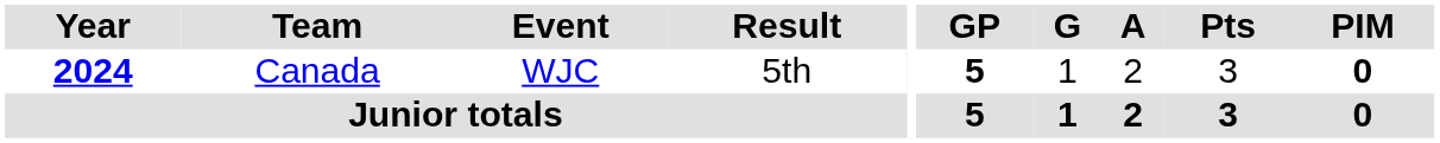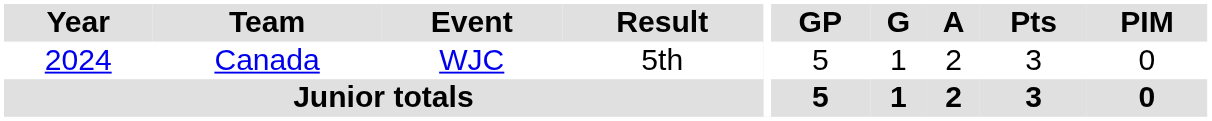 <table border="0" cellpadding="1" cellspacing="0" ID="Table3" style="text-align:center; width:40em">
 <tr bgcolor="#e0e0e0">
 <th>Year</th>
 <th>Team</th>
 <th>Event</th>
 <th>Result</th>
 <th rowspan="99" bgcolor="#ffffff"></th>
 <th>GP</th>
 <th>G</th>
 <th>A</th>
 <th>Pts</th>
 <th>PIM</th>
 </tr>
 <tr ALIGN="center">
-<td><strong><a href='#'>2024</a></strong></td>
+<td><a href='#'>2024</a></td>
 <td><a href='#'>Canada</a></td>
 <td><a href='#'>WJC</a></td>
 <td>5th</td>
-<td><strong>5</strong></td>
+<td>5</td>
 <td>1</td>
 <td>2</td>
 <td>3</td>
-<td><strong>0</strong></td>
+<td>0</td>
 </tr>
 <tr bgcolor="#e0e0e0">
 <th colspan="4">Junior totals</th>
 <th>5</th>
 <th>1</th>
 <th>2</th>
 <th>3</th>
 <th>0</th>
 </tr>
 </table>
